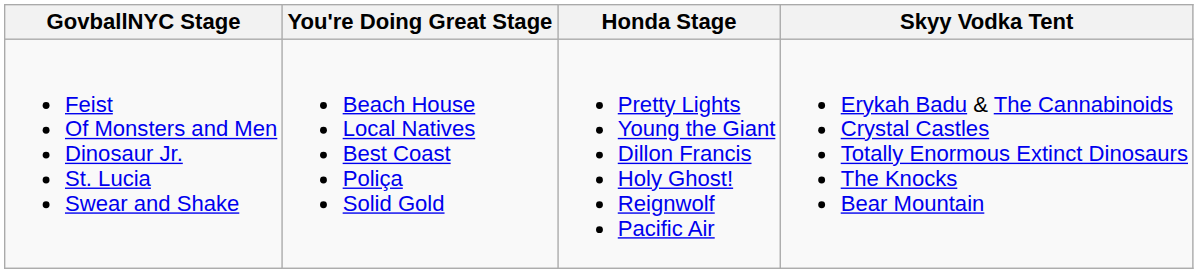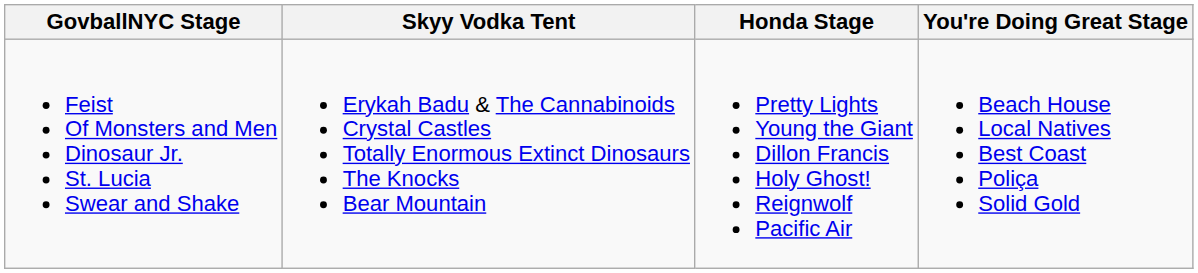 <table class="wikitable">
 <tr>
 <th>GovballNYC Stage</th>
+<th>Skyy Vodka Tent</th>
+<th>Honda Stage</th>
 <th>You're Doing Great Stage</th>
-<th>Honda Stage</th>
-<th>Skyy Vodka Tent</th>
 </tr>
 <tr valign="top">
 <td><br><ul><li><a href='#'>Feist</a></li><li><a href='#'>Of Monsters and Men</a></li><li><a href='#'>Dinosaur Jr.</a></li><li><a href='#'>St. Lucia</a></li><li><a href='#'>Swear and Shake</a></li></ul></td>
+<td><br><ul><li><a href='#'>Erykah Badu</a> & <a href='#'>The Cannabinoids</a></li><li><a href='#'>Crystal Castles</a></li><li><a href='#'>Totally Enormous Extinct Dinosaurs</a></li><li><a href='#'>The Knocks</a></li><li><a href='#'>Bear Mountain</a></li></ul></td>
+<td><br><ul><li><a href='#'>Pretty Lights</a></li><li><a href='#'>Young the Giant</a></li><li><a href='#'>Dillon Francis</a></li><li><a href='#'>Holy Ghost!</a></li><li><a href='#'>Reignwolf</a></li><li><a href='#'>Pacific Air</a></li></ul></td>
 <td><br><ul><li><a href='#'>Beach House</a></li><li><a href='#'>Local Natives</a></li><li><a href='#'>Best Coast</a></li><li><a href='#'>Poliça</a></li><li><a href='#'>Solid Gold</a></li></ul></td>
-<td><br><ul><li><a href='#'>Pretty Lights</a></li><li><a href='#'>Young the Giant</a></li><li><a href='#'>Dillon Francis</a></li><li><a href='#'>Holy Ghost!</a></li><li><a href='#'>Reignwolf</a></li><li><a href='#'>Pacific Air</a></li></ul></td>
-<td><br><ul><li><a href='#'>Erykah Badu</a> & <a href='#'>The Cannabinoids</a></li><li><a href='#'>Crystal Castles</a></li><li><a href='#'>Totally Enormous Extinct Dinosaurs</a></li><li><a href='#'>The Knocks</a></li><li><a href='#'>Bear Mountain</a></li></ul></td>
 </tr>
 </table>
